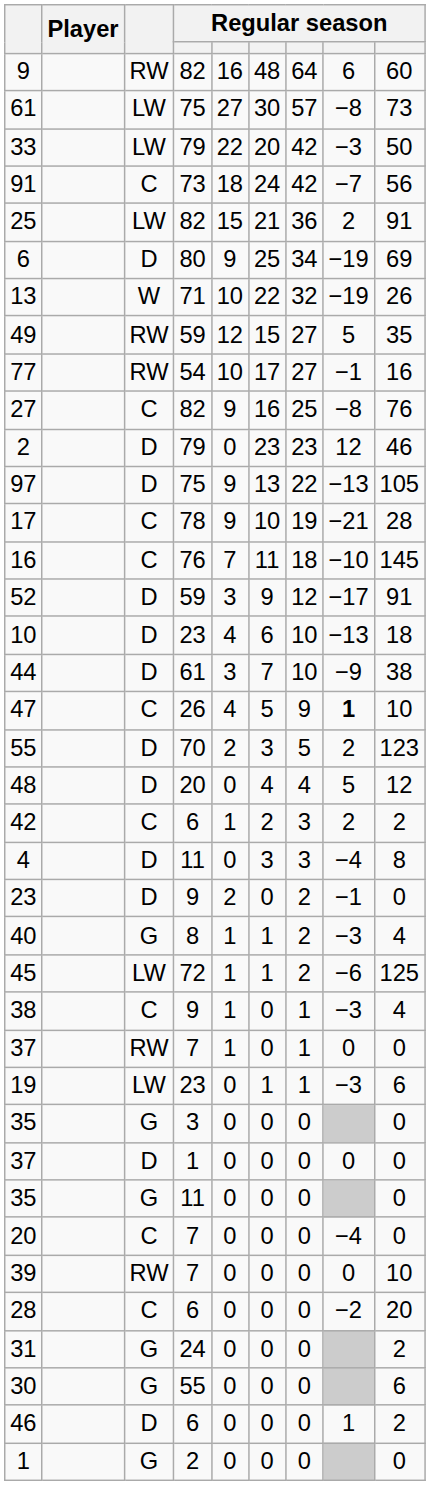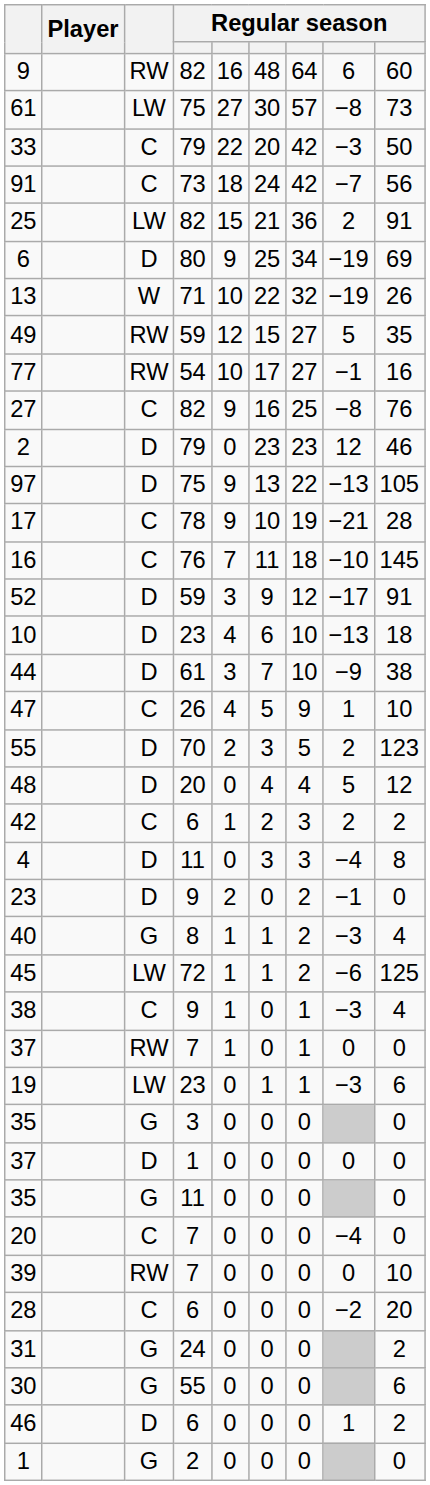 <table class="wikitable sortable plainrowheaders" style="text-align:center;">
 <tr>
 <th scope="col" data-sort-type="number" rowspan="2"></th>
 <th scope="col" rowspan="2">Player</th>
 <th scope="col" rowspan="2"></th>
 <th scope=colgroup colspan=6>Regular season</th>
 </tr>
 <tr>
 <th scope="col" data-sort-type="number"></th>
 <th scope="col" data-sort-type="number"></th>
 <th scope="col" data-sort-type="number"></th>
 <th scope="col" data-sort-type="number"></th>
 <th scope="col" data-sort-type="number"></th>
 <th scope="col" data-sort-type="number"></th>
 </tr>
 <tr>
 <td scope="row">9</td>
 <td align="left"></td>
 <td>RW</td>
 <td>82</td>
 <td>16</td>
 <td>48</td>
 <td>64</td>
 <td>6</td>
 <td>60</td>
 </tr>
 <tr>
 <td scope="row">61</td>
 <td align="left"></td>
 <td>LW</td>
 <td>75</td>
 <td>27</td>
 <td>30</td>
 <td>57</td>
 <td>−8</td>
 <td>73</td>
 </tr>
 <tr>
 <td scope="row">33</td>
 <td align="left"></td>
-<td>LW</td>
+<td>C</td>
 <td>79</td>
 <td>22</td>
 <td>20</td>
 <td>42</td>
 <td>−3</td>
 <td>50</td>
 </tr>
 <tr>
 <td scope="row">91</td>
 <td align="left"></td>
 <td>C</td>
 <td>73</td>
 <td>18</td>
 <td>24</td>
 <td>42</td>
 <td>−7</td>
 <td>56</td>
 </tr>
 <tr>
 <td scope="row">25</td>
 <td align="left"></td>
 <td>LW</td>
 <td>82</td>
 <td>15</td>
 <td>21</td>
 <td>36</td>
 <td>2</td>
 <td>91</td>
 </tr>
 <tr>
 <td scope="row">6</td>
 <td align="left"></td>
 <td>D</td>
 <td>80</td>
 <td>9</td>
 <td>25</td>
 <td>34</td>
 <td>−19</td>
 <td>69</td>
 </tr>
 <tr>
 <td scope="row">13</td>
 <td align="left"></td>
 <td>W</td>
 <td>71</td>
 <td>10</td>
 <td>22</td>
 <td>32</td>
 <td>−19</td>
 <td>26</td>
 </tr>
 <tr>
 <td scope="row">49</td>
 <td align="left"></td>
 <td>RW</td>
 <td>59</td>
 <td>12</td>
 <td>15</td>
 <td>27</td>
 <td>5</td>
 <td>35</td>
 </tr>
 <tr>
 <td scope="row">77</td>
 <td align="left"></td>
 <td>RW</td>
 <td>54</td>
 <td>10</td>
 <td>17</td>
 <td>27</td>
 <td>−1</td>
 <td>16</td>
 </tr>
 <tr>
 <td scope="row">27</td>
 <td align="left"></td>
 <td>C</td>
 <td>82</td>
 <td>9</td>
 <td>16</td>
 <td>25</td>
 <td>−8</td>
 <td>76</td>
 </tr>
 <tr>
 <td scope="row">2</td>
 <td align="left"></td>
 <td>D</td>
 <td>79</td>
 <td>0</td>
 <td>23</td>
 <td>23</td>
 <td>12</td>
 <td>46</td>
 </tr>
 <tr>
 <td scope="row">97</td>
 <td align="left"></td>
 <td>D</td>
 <td>75</td>
 <td>9</td>
 <td>13</td>
 <td>22</td>
 <td>−13</td>
 <td>105</td>
 </tr>
 <tr>
 <td scope="row">17</td>
 <td align="left"></td>
 <td>C</td>
 <td>78</td>
 <td>9</td>
 <td>10</td>
 <td>19</td>
 <td>−21</td>
 <td>28</td>
 </tr>
 <tr>
 <td scope="row">16</td>
 <td align="left"></td>
 <td>C</td>
 <td>76</td>
 <td>7</td>
 <td>11</td>
 <td>18</td>
 <td>−10</td>
 <td>145</td>
 </tr>
 <tr>
 <td scope="row">52</td>
 <td align="left"></td>
 <td>D</td>
 <td>59</td>
 <td>3</td>
 <td>9</td>
 <td>12</td>
 <td>−17</td>
 <td>91</td>
 </tr>
 <tr>
 <td scope="row">10</td>
 <td align="left"></td>
 <td>D</td>
 <td>23</td>
 <td>4</td>
 <td>6</td>
 <td>10</td>
 <td>−13</td>
 <td>18</td>
 </tr>
 <tr>
 <td scope="row">44</td>
 <td align="left"></td>
 <td>D</td>
 <td>61</td>
 <td>3</td>
 <td>7</td>
 <td>10</td>
 <td>−9</td>
 <td>38</td>
 </tr>
 <tr>
 <td scope="row">47</td>
 <td align="left"></td>
 <td>C</td>
 <td>26</td>
 <td>4</td>
 <td>5</td>
 <td>9</td>
-<td><strong>1</strong></td>
+<td>1</td>
 <td>10</td>
 </tr>
 <tr>
 <td scope="row">55</td>
 <td align="left"></td>
 <td>D</td>
 <td>70</td>
 <td>2</td>
 <td>3</td>
 <td>5</td>
 <td>2</td>
 <td>123</td>
 </tr>
 <tr>
 <td scope="row">48</td>
 <td align="left"></td>
 <td>D</td>
 <td>20</td>
 <td>0</td>
 <td>4</td>
 <td>4</td>
 <td>5</td>
 <td>12</td>
 </tr>
 <tr>
 <td scope="row">42</td>
 <td align="left"></td>
 <td>C</td>
 <td>6</td>
 <td>1</td>
 <td>2</td>
 <td>3</td>
 <td>2</td>
 <td>2</td>
 </tr>
 <tr>
 <td scope="row">4</td>
 <td align="left"></td>
 <td>D</td>
 <td>11</td>
 <td>0</td>
 <td>3</td>
 <td>3</td>
 <td>−4</td>
 <td>8</td>
 </tr>
 <tr>
 <td scope="row">23</td>
 <td align="left"></td>
 <td>D</td>
 <td>9</td>
 <td>2</td>
 <td>0</td>
 <td>2</td>
 <td>−1</td>
 <td>0</td>
 </tr>
 <tr>
 <td scope="row">40</td>
 <td align="left"></td>
 <td>G</td>
 <td>8</td>
 <td>1</td>
 <td>1</td>
 <td>2</td>
 <td>−3</td>
 <td>4</td>
 </tr>
 <tr>
 <td scope="row">45</td>
 <td align="left"></td>
 <td>LW</td>
 <td>72</td>
 <td>1</td>
 <td>1</td>
 <td>2</td>
 <td>−6</td>
 <td>125</td>
 </tr>
 <tr>
 <td scope="row">38</td>
 <td align="left"></td>
 <td>C</td>
 <td>9</td>
 <td>1</td>
 <td>0</td>
 <td>1</td>
 <td>−3</td>
 <td>4</td>
 </tr>
 <tr>
 <td scope="row">37</td>
 <td align="left"></td>
 <td>RW</td>
 <td>7</td>
 <td>1</td>
 <td>0</td>
 <td>1</td>
 <td>0</td>
 <td>0</td>
 </tr>
 <tr>
 <td scope="row">19</td>
 <td align="left"></td>
 <td>LW</td>
 <td>23</td>
 <td>0</td>
 <td>1</td>
 <td>1</td>
 <td>−3</td>
 <td>6</td>
 </tr>
 <tr>
 <td scope="row">35</td>
 <td align="left"></td>
 <td>G</td>
 <td>3</td>
 <td>0</td>
 <td>0</td>
 <td>0</td>
 <td style="background:#ccc"></td>
 <td>0</td>
 </tr>
 <tr>
 <td scope="row">37</td>
 <td align="left"></td>
 <td>D</td>
 <td>1</td>
 <td>0</td>
 <td>0</td>
 <td>0</td>
 <td>0</td>
 <td>0</td>
 </tr>
 <tr>
 <td scope="row">35</td>
 <td align="left"></td>
 <td>G</td>
 <td>11</td>
 <td>0</td>
 <td>0</td>
 <td>0</td>
 <td style="background:#ccc"></td>
 <td>0</td>
 </tr>
 <tr>
 <td scope="row">20</td>
 <td align="left"></td>
 <td>C</td>
 <td>7</td>
 <td>0</td>
 <td>0</td>
 <td>0</td>
 <td>−4</td>
 <td>0</td>
 </tr>
 <tr>
 <td scope="row">39</td>
 <td align="left"></td>
 <td>RW</td>
 <td>7</td>
 <td>0</td>
 <td>0</td>
 <td>0</td>
 <td>0</td>
 <td>10</td>
 </tr>
 <tr>
 <td scope="row">28</td>
 <td align="left"></td>
 <td>C</td>
 <td>6</td>
 <td>0</td>
 <td>0</td>
 <td>0</td>
 <td>−2</td>
 <td>20</td>
 </tr>
 <tr>
 <td scope="row">31</td>
 <td align="left"></td>
 <td>G</td>
 <td>24</td>
 <td>0</td>
 <td>0</td>
 <td>0</td>
 <td style="background:#ccc"></td>
 <td>2</td>
 </tr>
 <tr>
 <td scope="row">30</td>
 <td align="left"></td>
 <td>G</td>
 <td>55</td>
 <td>0</td>
 <td>0</td>
 <td>0</td>
 <td style="background:#ccc"></td>
 <td>6</td>
 </tr>
 <tr>
 <td scope="row">46</td>
 <td align="left"></td>
 <td>D</td>
 <td>6</td>
 <td>0</td>
 <td>0</td>
 <td>0</td>
 <td>1</td>
 <td>2</td>
 </tr>
 <tr>
 <td scope="row">1</td>
 <td align="left"></td>
 <td>G</td>
 <td>2</td>
 <td>0</td>
 <td>0</td>
 <td>0</td>
 <td style="background:#ccc"></td>
 <td>0</td>
 </tr>
 </table>
